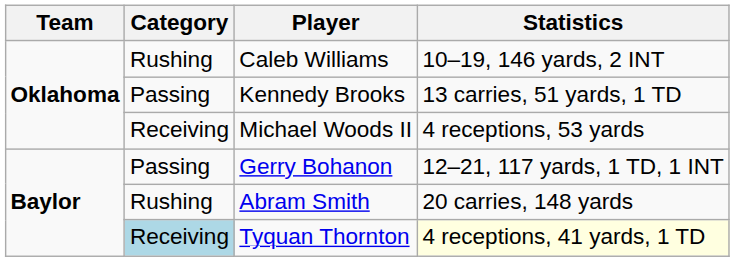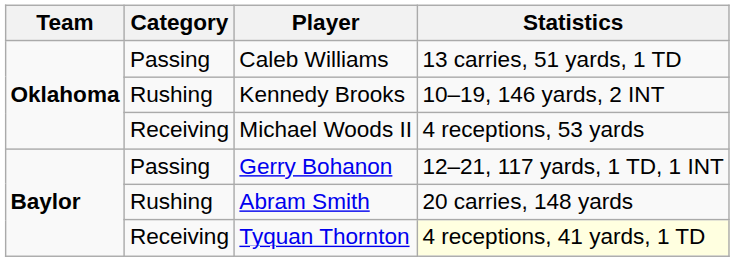 <table class="wikitable" style="float: right;">
 <tr>
 <th>Team</th>
 <th>Category</th>
 <th>Player</th>
 <th>Statistics</th>
 </tr>
 <tr>
 <td rowspan=3><strong>Oklahoma</strong></td>
-<td>Rushing</td>
+<td>Passing</td>
 <td>Caleb Williams</td>
-<td>10–19, 146 yards, 2 INT</td>
+<td>13 carries, 51 yards, 1 TD</td>
 </tr>
 <tr>
-<td>Passing</td>
+<td>Rushing</td>
 <td>Kennedy Brooks</td>
-<td>13 carries, 51 yards, 1 TD</td>
+<td>10–19, 146 yards, 2 INT</td>
 </tr>
 <tr>
 <td>Receiving</td>
 <td>Michael Woods II</td>
 <td>4 receptions, 53 yards</td>
 </tr>
 <tr>
 <td rowspan=3><strong>Baylor</strong></td>
 <td>Passing</td>
 <td><a href='#'>Gerry Bohanon</a></td>
 <td>12–21, 117 yards, 1 TD, 1 INT</td>
 </tr>
 <tr>
 <td>Rushing</td>
 <td><a href='#'>Abram Smith</a></td>
 <td>20 carries, 148 yards</td>
 </tr>
 <tr>
-<td style="background: lightblue;">Receiving</td>
+<td>Receiving</td>
 <td><a href='#'>Tyquan Thornton</a></td>
 <td style="background: lightyellow;">4 receptions, 41 yards, 1 TD</td>
 </tr>
 </table>
